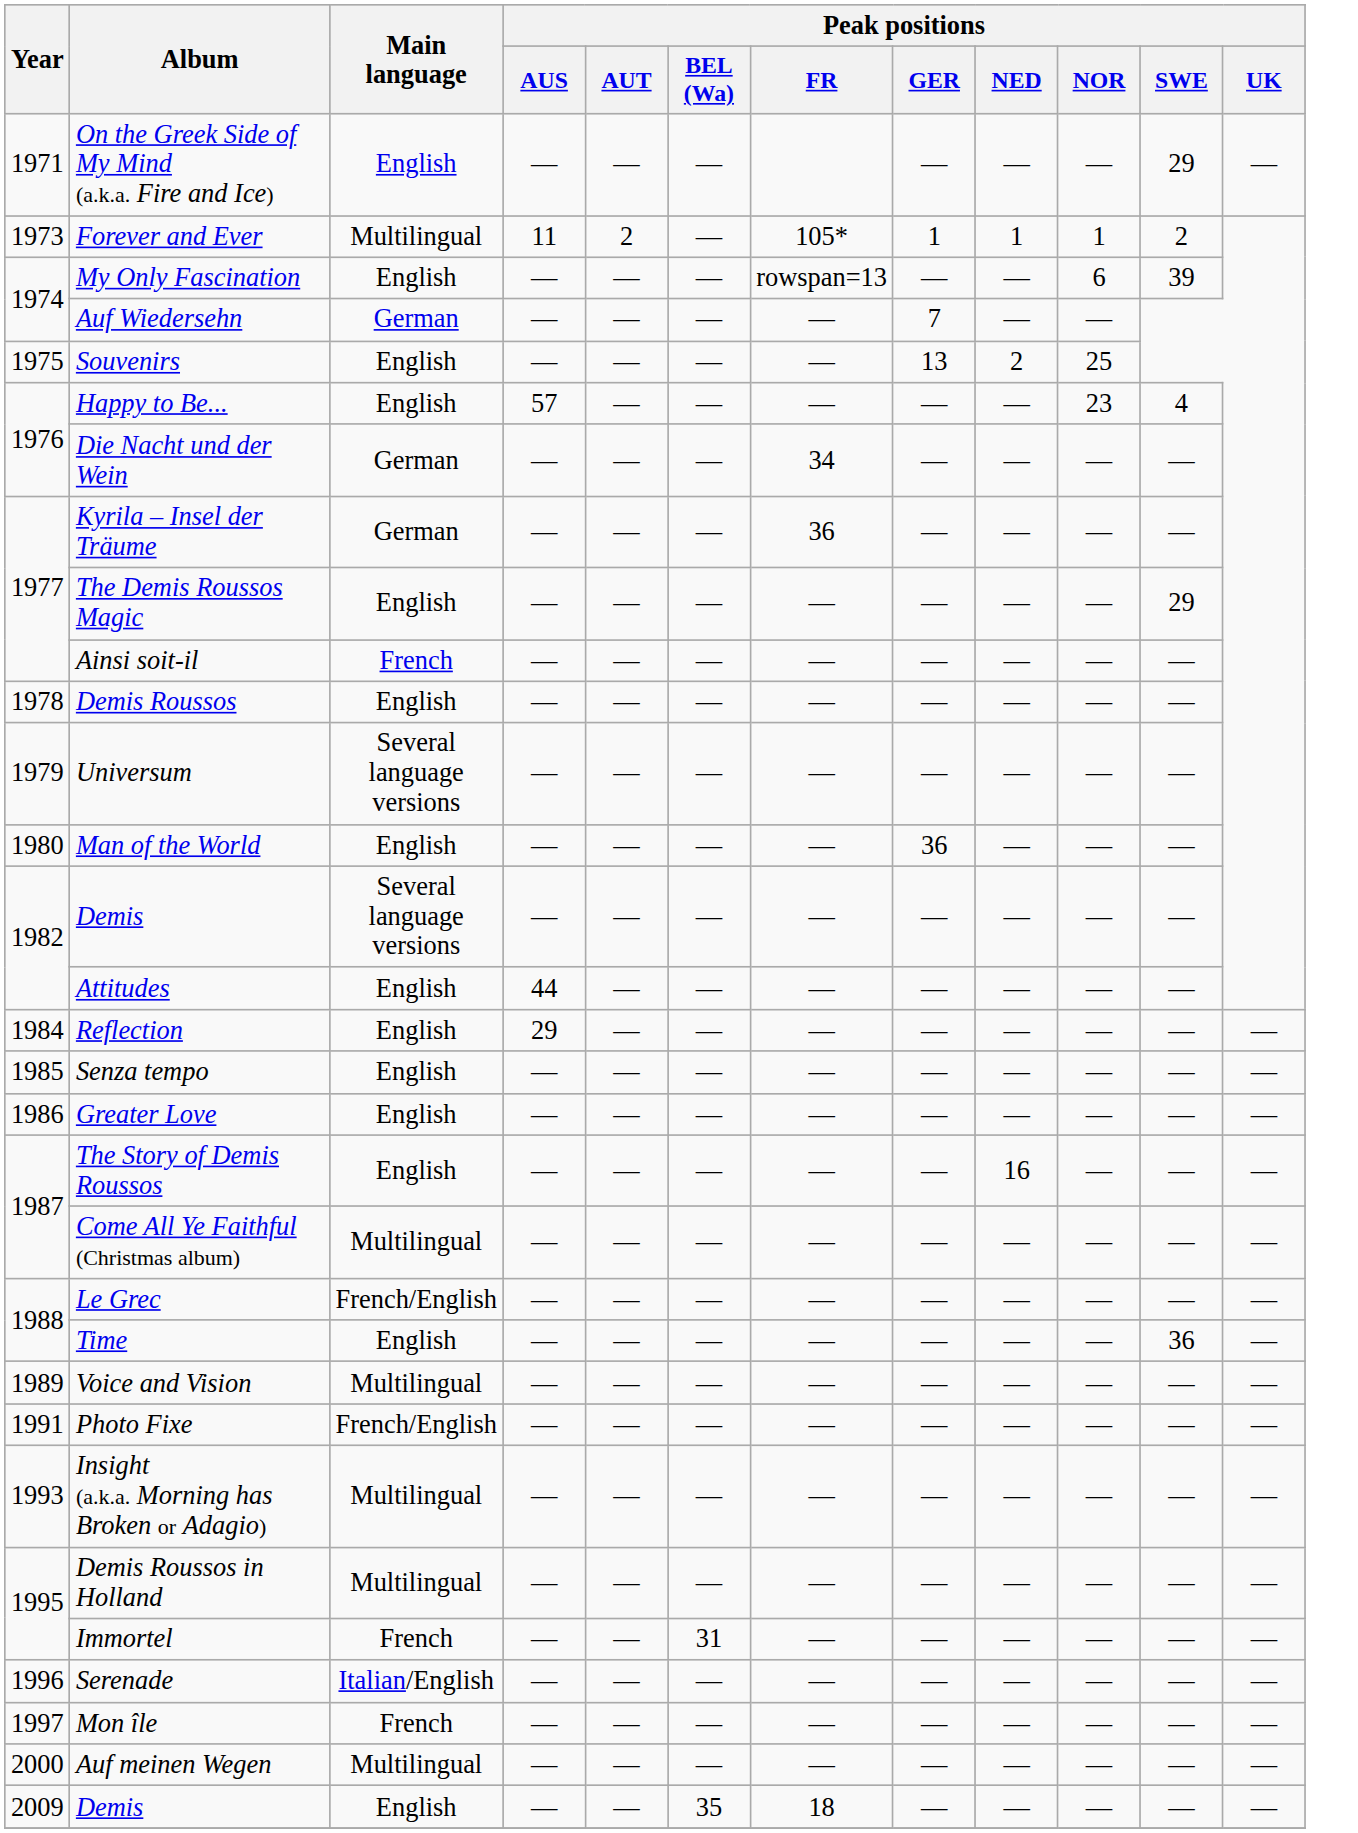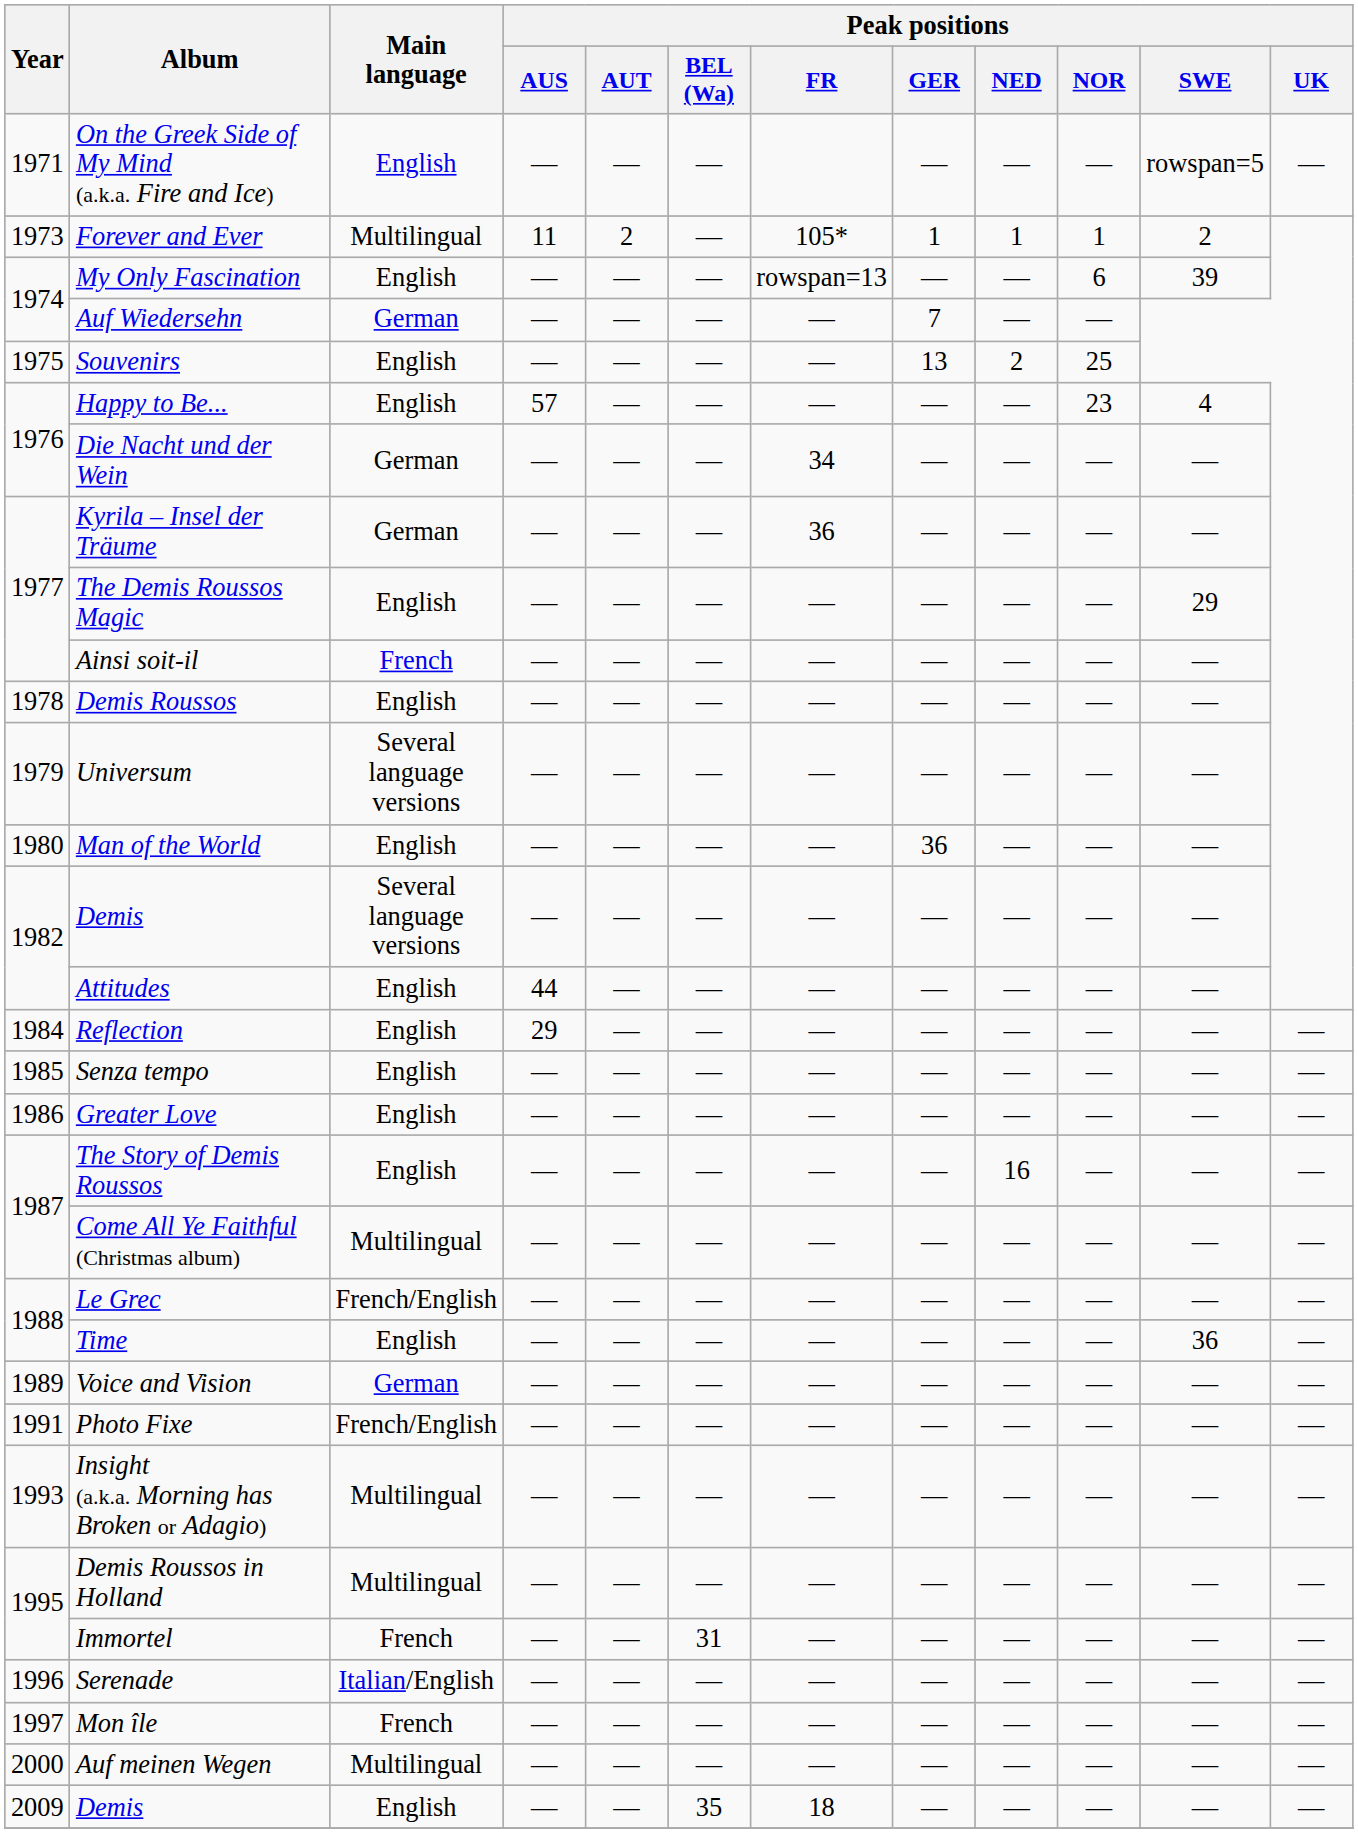 <table class="wikitable">
 <tr>
 <th align="center" rowspan="2" width="10">Year</th>
 <th align="center" rowspan="2" width="150">Album</th>
 <th align="center" rowspan="2" width="50">Main<br>language</th>
 <th align="center" colspan="9" width="20">Peak positions</th>
 </tr>
 <tr>
 <th scope="col" style="width:3em;font-size:90%;"><a href='#'>AUS</a><br></th>
 <th scope="col" style="width:3em;font-size:90%;"><a href='#'>AUT</a><br></th>
 <th scope="col" style="width:3em;font-size:90%;"><a href='#'>BEL <br>(Wa)</a><br></th>
 <th scope="col" style="width:3em;font-size:90%;"><a href='#'>FR</a><br></th>
 <th scope="col" style="width:3em;font-size:90%;"><a href='#'>GER</a><br></th>
 <th scope="col" style="width:3em;font-size:90%;"><a href='#'>NED</a><br></th>
 <th scope="col" style="width:3em;font-size:90%;"><a href='#'>NOR</a><br></th>
 <th scope="col" style="width:3em;font-size:90%;"><a href='#'>SWE</a><br></th>
 <th scope="col" style="width:3em;font-size:90%;"><a href='#'>UK</a><br></th>
 </tr>
 <tr>
 <td style="text-align:center;" rowspan=1>1971</td>
 <td><em><a href='#'>On the Greek Side of My Mind</a></em> <small><br>(a.k.a.</small> <em>Fire and Ice</em><small>)</small></td>
 <td style="text-align:center;"><a href='#'>English</a></td>
 <td style="text-align:center;">—</td>
 <td style="text-align:center;">—</td>
 <td style="text-align:center;">—</td>
 <td></td>
 <td style="text-align:center;">—</td>
 <td style="text-align:center;">—</td>
 <td style="text-align:center;">—</td>
-<td style="text-align:center;">29</td>
+<td>rowspan=5 </td>
 <td style="text-align:center;">—</td>
 </tr>
 <tr>
 <td style="text-align:center;" rowspan=1>1973</td>
 <td><em><a href='#'>Forever and Ever</a></em></td>
 <td style="text-align:center;">Multilingual</td>
 <td style="text-align:center;">11</td>
 <td style="text-align:center;">2</td>
 <td style="text-align:center;">—</td>
 <td style="text-align:center;">105*</td>
 <td style="text-align:center;">1</td>
 <td style="text-align:center;">1</td>
 <td style="text-align:center;">1</td>
 <td style="text-align:center;">2</td>
 </tr>
 <tr>
 <td style="text-align:center;" rowspan=2>1974</td>
 <td><em><a href='#'>My Only Fascination</a></em></td>
 <td style="text-align:center;">English</td>
 <td style="text-align:center;">—</td>
 <td style="text-align:center;">—</td>
 <td style="text-align:center;">—</td>
 <td>rowspan=13 </td>
 <td style="text-align:center;">—</td>
 <td style="text-align:center;">—</td>
 <td style="text-align:center;">6</td>
 <td style="text-align:center;">39</td>
 </tr>
 <tr>
 <td><em><a href='#'>Auf Wiedersehn</a></em></td>
 <td style="text-align:center;"><a href='#'>German</a></td>
 <td style="text-align:center;">—</td>
 <td style="text-align:center;">—</td>
 <td style="text-align:center;">—</td>
 <td style="text-align:center;">—</td>
 <td style="text-align:center;">7</td>
 <td style="text-align:center;">—</td>
 <td style="text-align:center;">—</td>
 </tr>
 <tr>
 <td style="text-align:center;" rowspan=1>1975</td>
 <td><em><a href='#'>Souvenirs</a></em></td>
 <td style="text-align:center;">English</td>
 <td style="text-align:center;">—</td>
 <td style="text-align:center;">—</td>
 <td style="text-align:center;">—</td>
 <td style="text-align:center;">—</td>
 <td style="text-align:center;">13</td>
 <td style="text-align:center;">2</td>
 <td style="text-align:center;">25</td>
 </tr>
 <tr>
 <td style="text-align:center;" rowspan=2>1976</td>
 <td><em><a href='#'>Happy to Be...</a></em></td>
 <td style="text-align:center;">English</td>
 <td style="text-align:center;">57</td>
 <td style="text-align:center;">—</td>
 <td style="text-align:center;">—</td>
 <td style="text-align:center;">—</td>
 <td style="text-align:center;">—</td>
 <td style="text-align:center;">—</td>
 <td style="text-align:center;">23</td>
 <td style="text-align:center;">4</td>
 </tr>
 <tr>
 <td><em><a href='#'>Die Nacht und der Wein</a></em></td>
 <td style="text-align:center;">German</td>
 <td style="text-align:center;">—</td>
 <td style="text-align:center;">—</td>
 <td style="text-align:center;">—</td>
 <td style="text-align:center;">34</td>
 <td style="text-align:center;">—</td>
 <td style="text-align:center;">—</td>
 <td style="text-align:center;">—</td>
 <td style="text-align:center;">—</td>
 </tr>
 <tr>
 <td style="text-align:center;" rowspan=3>1977</td>
 <td><em><a href='#'>Kyrila – Insel der Träume</a></em></td>
 <td style="text-align:center;">German</td>
 <td style="text-align:center;">—</td>
 <td style="text-align:center;">—</td>
 <td style="text-align:center;">—</td>
 <td style="text-align:center;">36</td>
 <td style="text-align:center;">—</td>
 <td style="text-align:center;">—</td>
 <td style="text-align:center;">—</td>
 <td style="text-align:center;">—</td>
 </tr>
 <tr>
 <td><em><a href='#'>The Demis Roussos Magic</a></em></td>
 <td style="text-align:center;">English</td>
 <td style="text-align:center;">—</td>
 <td style="text-align:center;">—</td>
 <td style="text-align:center;">—</td>
 <td style="text-align:center;">—</td>
 <td style="text-align:center;">—</td>
 <td style="text-align:center;">—</td>
 <td style="text-align:center;">—</td>
 <td style="text-align:center;">29</td>
 </tr>
 <tr>
 <td><em>Ainsi soit-il</em></td>
 <td style="text-align:center;"><a href='#'>French</a></td>
 <td style="text-align:center;">—</td>
 <td style="text-align:center;">—</td>
 <td style="text-align:center;">—</td>
 <td style="text-align:center;">—</td>
 <td style="text-align:center;">—</td>
 <td style="text-align:center;">—</td>
 <td style="text-align:center;">—</td>
 <td style="text-align:center;">—</td>
 </tr>
 <tr>
 <td style="text-align:center;" rowspan=1>1978</td>
 <td><em><a href='#'>Demis Roussos</a></em></td>
 <td style="text-align:center;">English</td>
 <td style="text-align:center;">—</td>
 <td style="text-align:center;">—</td>
 <td style="text-align:center;">—</td>
 <td style="text-align:center;">—</td>
 <td style="text-align:center;">—</td>
 <td style="text-align:center;">—</td>
 <td style="text-align:center;">—</td>
 <td style="text-align:center;">—</td>
 </tr>
 <tr>
 <td style="text-align:center;" rowspan=1>1979</td>
 <td><em>Universum</em></td>
 <td style="text-align:center;">Several language versions</td>
 <td style="text-align:center;">—</td>
 <td style="text-align:center;">—</td>
 <td style="text-align:center;">—</td>
 <td style="text-align:center;">—</td>
 <td style="text-align:center;">—</td>
 <td style="text-align:center;">—</td>
 <td style="text-align:center;">—</td>
 <td style="text-align:center;">—</td>
 </tr>
 <tr>
 <td style="text-align:center;" rowspan=1>1980</td>
 <td><em><a href='#'>Man of the World</a></em></td>
 <td style="text-align:center;">English</td>
 <td style="text-align:center;">—</td>
 <td style="text-align:center;">—</td>
 <td style="text-align:center;">—</td>
 <td style="text-align:center;">—</td>
 <td style="text-align:center;">36</td>
 <td style="text-align:center;">—</td>
 <td style="text-align:center;">—</td>
 <td style="text-align:center;">—</td>
 </tr>
 <tr>
 <td style="text-align:center;" rowspan=2>1982</td>
 <td><em><a href='#'>Demis</a></em></td>
 <td style="text-align:center;">Several language versions</td>
 <td style="text-align:center;">—</td>
 <td style="text-align:center;">—</td>
 <td style="text-align:center;">—</td>
 <td style="text-align:center;">—</td>
 <td style="text-align:center;">—</td>
 <td style="text-align:center;">—</td>
 <td style="text-align:center;">—</td>
 <td style="text-align:center;">—</td>
 </tr>
 <tr>
 <td><em><a href='#'>Attitudes</a></em></td>
 <td style="text-align:center;">English</td>
 <td style="text-align:center;">44</td>
 <td style="text-align:center;">—</td>
 <td style="text-align:center;">—</td>
 <td style="text-align:center;">—</td>
 <td style="text-align:center;">—</td>
 <td style="text-align:center;">—</td>
 <td style="text-align:center;">—</td>
 <td style="text-align:center;">—</td>
 </tr>
 <tr>
 <td style="text-align:center;" rowspan=1>1984</td>
 <td><em><a href='#'>Reflection</a></em></td>
 <td style="text-align:center;">English</td>
 <td style="text-align:center;">29</td>
 <td style="text-align:center;">—</td>
 <td style="text-align:center;">—</td>
 <td style="text-align:center;">—</td>
 <td style="text-align:center;">—</td>
 <td style="text-align:center;">—</td>
 <td style="text-align:center;">—</td>
 <td style="text-align:center;">—</td>
 <td style="text-align:center;">—</td>
 </tr>
 <tr>
 <td style="text-align:center;" rowspan=1>1985</td>
 <td><em>Senza tempo</em></td>
 <td style="text-align:center;">English</td>
 <td style="text-align:center;">—</td>
 <td style="text-align:center;">—</td>
 <td style="text-align:center;">—</td>
 <td style="text-align:center;">—</td>
 <td style="text-align:center;">—</td>
 <td style="text-align:center;">—</td>
 <td style="text-align:center;">—</td>
 <td style="text-align:center;">—</td>
 <td style="text-align:center;">—</td>
 </tr>
 <tr>
 <td style="text-align:center;" rowspan=1>1986</td>
 <td><em><a href='#'>Greater Love</a></em></td>
 <td style="text-align:center;">English</td>
 <td style="text-align:center;">—</td>
 <td style="text-align:center;">—</td>
 <td style="text-align:center;">—</td>
 <td style="text-align:center;">—</td>
 <td style="text-align:center;">—</td>
 <td style="text-align:center;">—</td>
 <td style="text-align:center;">—</td>
 <td style="text-align:center;">—</td>
 <td style="text-align:center;">—</td>
 </tr>
 <tr>
 <td style="text-align:center;" rowspan=2>1987</td>
 <td><em><a href='#'>The Story of Demis Roussos</a></em></td>
 <td style="text-align:center;">English</td>
 <td style="text-align:center;">—</td>
 <td style="text-align:center;">—</td>
 <td style="text-align:center;">—</td>
 <td style="text-align:center;">—</td>
 <td style="text-align:center;">—</td>
 <td style="text-align:center;">16</td>
 <td style="text-align:center;">—</td>
 <td style="text-align:center;">—</td>
 <td style="text-align:center;">—</td>
 </tr>
 <tr>
 <td><em><a href='#'>Come All Ye Faithful</a></em> <small>(Christmas album)</small></td>
 <td style="text-align:center;">Multilingual</td>
 <td style="text-align:center;">—</td>
 <td style="text-align:center;">—</td>
 <td style="text-align:center;">—</td>
 <td style="text-align:center;">—</td>
 <td style="text-align:center;">—</td>
 <td style="text-align:center;">—</td>
 <td style="text-align:center;">—</td>
 <td style="text-align:center;">—</td>
 <td style="text-align:center;">—</td>
 </tr>
 <tr>
 <td style="text-align:center;" rowspan=2>1988</td>
 <td><em><a href='#'>Le Grec</a></em></td>
 <td style="text-align:center;">French/English</td>
 <td style="text-align:center;">—</td>
 <td style="text-align:center;">—</td>
 <td style="text-align:center;">—</td>
 <td style="text-align:center;">—</td>
 <td style="text-align:center;">—</td>
 <td style="text-align:center;">—</td>
 <td style="text-align:center;">—</td>
 <td style="text-align:center;">—</td>
 <td style="text-align:center;">—</td>
 </tr>
 <tr>
 <td><em><a href='#'>Time</a></em></td>
 <td style="text-align:center;">English</td>
 <td style="text-align:center;">—</td>
 <td style="text-align:center;">—</td>
 <td style="text-align:center;">—</td>
 <td style="text-align:center;">—</td>
 <td style="text-align:center;">—</td>
 <td style="text-align:center;">—</td>
 <td style="text-align:center;">—</td>
 <td style="text-align:center;">36</td>
 <td style="text-align:center;">—</td>
 </tr>
 <tr>
 <td style="text-align:center;" rowspan=1>1989</td>
 <td><em>Voice and Vision</em></td>
-<td style="text-align:center;">Multilingual</td>
+<td style="text-align:center;"><a href='#'>German</a></td>
 <td style="text-align:center;">—</td>
 <td style="text-align:center;">—</td>
 <td style="text-align:center;">—</td>
 <td style="text-align:center;">—</td>
 <td style="text-align:center;">—</td>
 <td style="text-align:center;">—</td>
 <td style="text-align:center;">—</td>
 <td style="text-align:center;">—</td>
 <td style="text-align:center;">—</td>
 </tr>
 <tr>
 <td style="text-align:center;" rowspan=1>1991</td>
 <td><em>Photo Fixe</em></td>
 <td style="text-align:center;">French/English</td>
 <td style="text-align:center;">—</td>
 <td style="text-align:center;">—</td>
 <td style="text-align:center;">—</td>
 <td style="text-align:center;">—</td>
 <td style="text-align:center;">—</td>
 <td style="text-align:center;">—</td>
 <td style="text-align:center;">—</td>
 <td style="text-align:center;">—</td>
 <td style="text-align:center;">—</td>
 </tr>
 <tr>
 <td style="text-align:center;" rowspan=1>1993</td>
 <td><em>Insight</em> <small><br>(a.k.a.</small> <em>Morning has Broken</em> <small>or</small> <em>Adagio</em><small>)</small></td>
 <td style="text-align:center;">Multilingual</td>
 <td style="text-align:center;">—</td>
 <td style="text-align:center;">—</td>
 <td style="text-align:center;">—</td>
 <td style="text-align:center;">—</td>
 <td style="text-align:center;">—</td>
 <td style="text-align:center;">—</td>
 <td style="text-align:center;">—</td>
 <td style="text-align:center;">—</td>
 <td style="text-align:center;">—</td>
 </tr>
 <tr>
 <td style="text-align:center;" rowspan=2>1995</td>
 <td><em>Demis Roussos in Holland</em></td>
 <td style="text-align:center;">Multilingual</td>
 <td style="text-align:center;">—</td>
 <td style="text-align:center;">—</td>
 <td style="text-align:center;">—</td>
 <td style="text-align:center;">—</td>
 <td style="text-align:center;">—</td>
 <td style="text-align:center;">—</td>
 <td style="text-align:center;">—</td>
 <td style="text-align:center;">—</td>
 <td style="text-align:center;">—</td>
 </tr>
 <tr>
 <td><em>Immortel</em></td>
 <td style="text-align:center;">French</td>
 <td style="text-align:center;">—</td>
 <td style="text-align:center;">—</td>
 <td style="text-align:center;">31</td>
 <td style="text-align:center;">—</td>
 <td style="text-align:center;">—</td>
 <td style="text-align:center;">—</td>
 <td style="text-align:center;">—</td>
 <td style="text-align:center;">—</td>
 <td style="text-align:center;">—</td>
 </tr>
 <tr>
 <td style="text-align:center;" rowspan=1>1996</td>
 <td><em>Serenade</em></td>
 <td style="text-align:center;"><a href='#'>Italian</a>/English</td>
 <td style="text-align:center;">—</td>
 <td style="text-align:center;">—</td>
 <td style="text-align:center;">—</td>
 <td style="text-align:center;">—</td>
 <td style="text-align:center;">—</td>
 <td style="text-align:center;">—</td>
 <td style="text-align:center;">—</td>
 <td style="text-align:center;">—</td>
 <td style="text-align:center;">—</td>
 </tr>
 <tr>
 <td style="text-align:center;" rowspan=1>1997</td>
 <td><em>Mon île</em></td>
 <td style="text-align:center;">French</td>
 <td style="text-align:center;">—</td>
 <td style="text-align:center;">—</td>
 <td style="text-align:center;">—</td>
 <td style="text-align:center;">—</td>
 <td style="text-align:center;">—</td>
 <td style="text-align:center;">—</td>
 <td style="text-align:center;">—</td>
 <td style="text-align:center;">—</td>
 <td style="text-align:center;">—</td>
 </tr>
 <tr>
 <td style="text-align:center;" rowspan=1>2000</td>
 <td><em>Auf meinen Wegen</em></td>
 <td style="text-align:center;">Multilingual</td>
 <td style="text-align:center;">—</td>
 <td style="text-align:center;">—</td>
 <td style="text-align:center;">—</td>
 <td style="text-align:center;">—</td>
 <td style="text-align:center;">—</td>
 <td style="text-align:center;">—</td>
 <td style="text-align:center;">—</td>
 <td style="text-align:center;">—</td>
 <td style="text-align:center;">—</td>
 </tr>
 <tr>
 <td style="text-align:center;" rowspan=1>2009</td>
 <td><em><a href='#'>Demis</a></em></td>
 <td style="text-align:center;">English</td>
 <td style="text-align:center;">—</td>
 <td style="text-align:center;">—</td>
 <td style="text-align:center;">35</td>
 <td style="text-align:center;">18</td>
 <td style="text-align:center;">—</td>
 <td style="text-align:center;">—</td>
 <td style="text-align:center;">—</td>
 <td style="text-align:center;">—</td>
 <td style="text-align:center;">—</td>
 </tr>
 <tr>
 </tr>
 </table>
